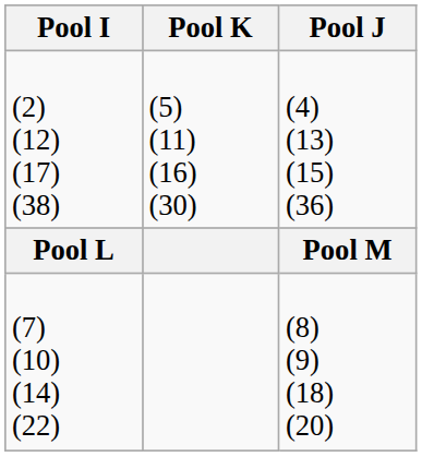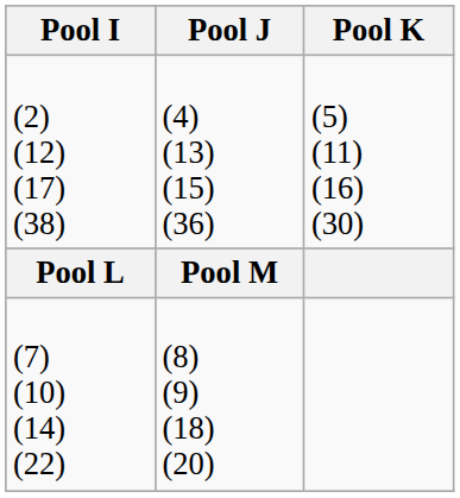 <table class="wikitable">
 <tr>
 <th width=25%>Pool I</th>
+<th width=25%>Pool J</th>
 <th width=25%>Pool K</th>
-<th width=25%>Pool J</th>
 </tr>
 <tr>
 <td><br> (2)<br>  (12)<br>  (17)<br>  (38)</td>
+<td><br> (4)<br>  (13)<br>  (15)<br>  (36)</td>
 <td><br> (5)<br>  (11)<br>  (16)<br>  (30)</td>
-<td><br> (4)<br>  (13)<br>  (15)<br>  (36)</td>
 </tr>
 <tr>
 <th>Pool L</th>
+<th>Pool M</th>
 <th></th>
-<th>Pool M</th>
 </tr>
 <tr>
 <td><br> (7)<br>  (10)<br>  (14)<br>  (22)</td>
+<td><br> (8)<br>  (9)<br>  (18)<br>  (20)</td>
 <td></td>
-<td><br> (8)<br>  (9)<br>  (18)<br>  (20)</td>
 </tr>
 </table>
